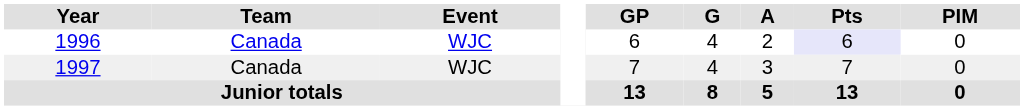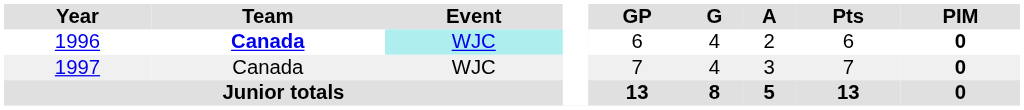 <table border="0" cellpadding="1" cellspacing="0" style="text-align:center; width:50em">
 <tr ALIGN="center" bgcolor="#e0e0e0">
 <th>Year</th>
 <th>Team</th>
 <th>Event</th>
 <th rowspan="99" bgcolor="#ffffff"> </th>
 <th>GP</th>
 <th>G</th>
 <th>A</th>
 <th>Pts</th>
 <th>PIM</th>
 </tr>
 <tr>
 <td><a href='#'>1996</a></td>
-<td><a href='#'>Canada</a></td>
-<td><a href='#'>WJC</a></td>
+<td><strong><a href='#'>Canada</a></strong></td>
+<td style="background: paleturquoise;"><a href='#'>WJC</a></td>
 <td>6</td>
 <td>4</td>
 <td>2</td>
-<td style="background: lavender;">6</td>
-<td>0</td>
+<td>6</td>
+<td><strong>0</strong></td>
 </tr>
 <tr bgcolor="#f0f0f0">
 <td><a href='#'>1997</a></td>
 <td>Canada</td>
 <td>WJC</td>
 <td>7</td>
 <td>4</td>
 <td>3</td>
 <td>7</td>
-<td>0</td>
+<td><strong>0</strong></td>
 </tr>
 <tr bgcolor="#e0e0e0">
 <th colspan=3>Junior totals</th>
 <th>13</th>
 <th>8</th>
 <th>5</th>
 <th>13</th>
 <th>0</th>
 </tr>
 </table>
